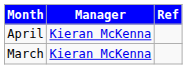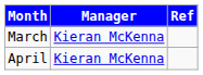 <table class="wikitable" style="text-align:center">
 <tr>
 <th style="background:blue; color:white; width=0%">Month</th>
 <th style="background:blue; color:white; width=0%">Manager</th>
 <th style="background:blue; color:white; width=0%">Ref</th>
 </tr>
 <tr>
+<td>March</td>
+<td> <a href='#'>Kieran McKenna</a></td>
+<td></td>
+</tr>
+<tr>
 <td>April</td>
 <td> <a href='#'>Kieran McKenna</a></td>
 <td></td>
 </tr>
-<tr>
-<td>March</td>
-<td> <a href='#'>Kieran McKenna</a></td>
-<td></td>
-</tr>
 </table>
